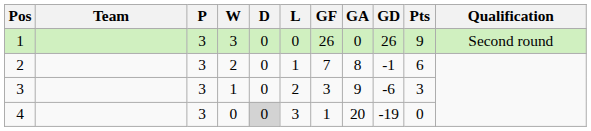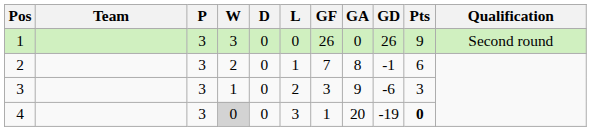 <table class="wikitable" border="1">
 <tr>
 <th width="25"><abbr>Pos</abbr></th>
 <th width="150">Team</th>
 <th width="25">P</th>
 <th width="25">W</th>
 <th width="25">D</th>
 <th width="25">L</th>
 <th width="25"><abbr>GF</abbr></th>
 <th width="25"><abbr>GA</abbr></th>
 <th width="25"><abbr>GD</abbr></th>
 <th width="25"><abbr>Pts</abbr></th>
 <th width ="150">Qualification</th>
 </tr>
 <tr bgcolor= #D0F0C0>
 <td align="center">1</td>
 <td></td>
 <td align="center">3</td>
 <td align="center">3</td>
 <td align="center">0</td>
 <td align="center">0</td>
 <td align="center">26</td>
 <td align="center">0</td>
 <td align="center">26</td>
 <td align="center">9</td>
 <td align="center">Second round</td>
 </tr>
 <tr>
 <td align="center">2</td>
 <td></td>
 <td align="center">3</td>
 <td align="center">2</td>
 <td align="center">0</td>
 <td align="center">1</td>
 <td align="center">7</td>
 <td align="center">8</td>
 <td align="center">-1</td>
 <td align="center">6</td>
 </tr>
 <tr>
 <td align="center">3</td>
 <td></td>
 <td align="center">3</td>
 <td align="center">1</td>
 <td align="center">0</td>
 <td align="center">2</td>
 <td align="center">3</td>
 <td align="center">9</td>
 <td align="center">-6</td>
 <td align="center">3</td>
 </tr>
 <tr>
 <td align="center">4</td>
 <td></td>
 <td align="center">3</td>
+<td align="center" style="background: lightgrey;">0</td>
 <td align="center">0</td>
-<td align="center" style="background: lightgrey;">0</td>
 <td align="center">3</td>
 <td align="center">1</td>
 <td align="center">20</td>
 <td align="center">-19</td>
-<td align="center">0</td>
+<td align="center"><strong>0</strong></td>
 </tr>
 </table>
